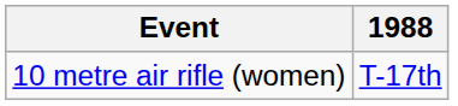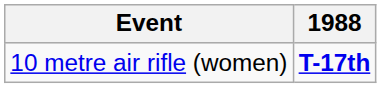 <table class="wikitable" style="text-align: center">
 <tr>
 <th>Event</th>
 <th>1988</th>
 </tr>
 <tr>
 <td align=left><a href='#'>10 metre air rifle</a> (women)</td>
-<td><a href='#'>T-17th</a></td>
+<td><strong><a href='#'>T-17th</a></strong></td>
 </tr>
 </table>
